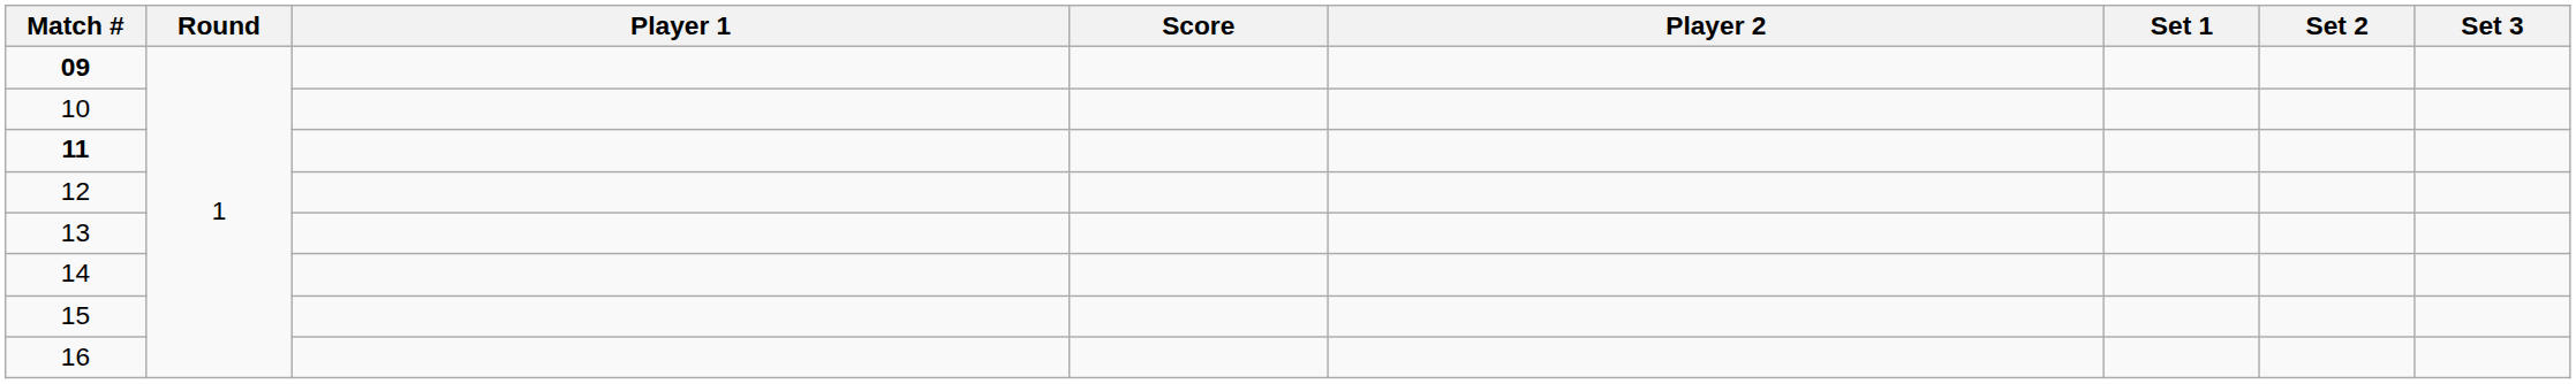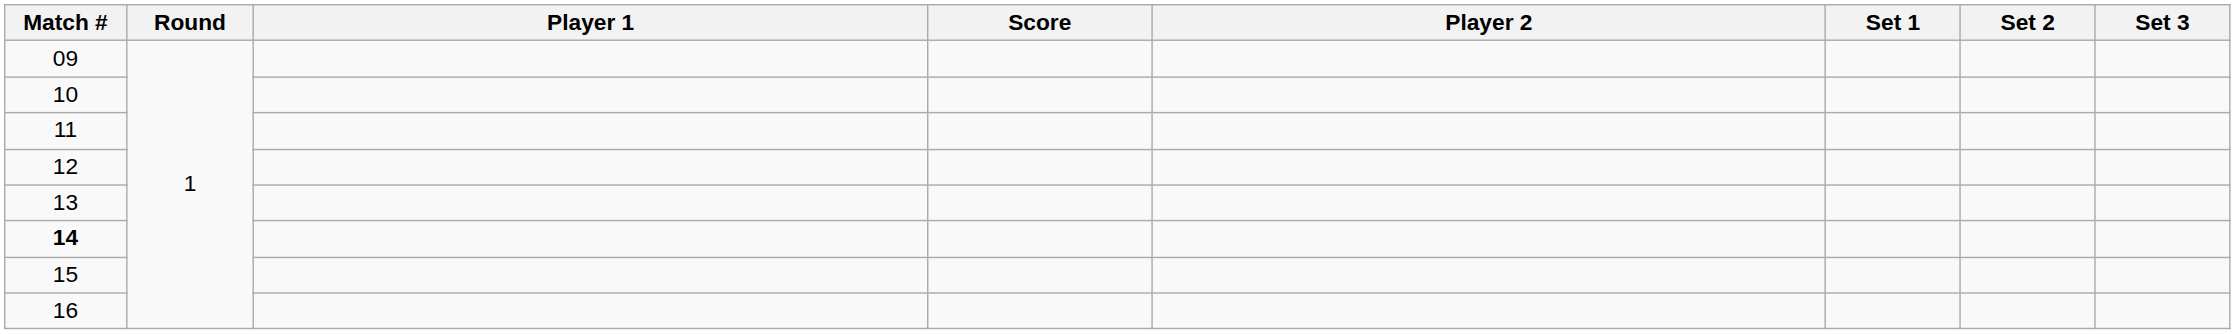 <table class="wikitable">
 <tr>
 <th width="2%">Match #</th>
 <th width="2%">Round</th>
 <th width="15%">Player 1</th>
 <th width="5%">Score</th>
 <th width="15%">Player 2</th>
 <th width="3%">Set 1</th>
 <th width="3%">Set 2</th>
 <th width="3%">Set 3</th>
 </tr>
 <tr style=text-align:center;>
-<td><strong>09</strong></td>
+<td>09</td>
 <td rowspan=8>1</td>
 <td></td>
 <td></td>
 <td></td>
 <td></td>
 <td></td>
 <td></td>
 </tr>
 <tr style=text-align:center;>
 <td>10</td>
 <td></td>
 <td></td>
 <td></td>
 <td></td>
 <td></td>
 <td></td>
 </tr>
 <tr style=text-align:center;>
-<td><strong>11</strong></td>
+<td>11</td>
 <td></td>
 <td></td>
 <td></td>
 <td></td>
 <td></td>
 <td></td>
 </tr>
 <tr style=text-align:center;>
 <td>12</td>
 <td></td>
 <td></td>
 <td></td>
 <td></td>
 <td></td>
 <td></td>
 </tr>
 <tr style=text-align:center;>
 <td>13</td>
 <td></td>
 <td></td>
 <td></td>
 <td></td>
 <td></td>
 <td></td>
 </tr>
 <tr style=text-align:center;>
-<td>14</td>
+<td><strong>14</strong></td>
 <td></td>
 <td></td>
 <td></td>
 <td></td>
 <td></td>
 <td></td>
 </tr>
 <tr style=text-align:center;>
 <td>15</td>
 <td></td>
 <td></td>
 <td></td>
 <td></td>
 <td></td>
 <td></td>
 </tr>
 <tr style=text-align:center;>
 <td>16</td>
 <td></td>
 <td></td>
 <td></td>
 <td></td>
 <td></td>
 <td></td>
 </tr>
 </table>
